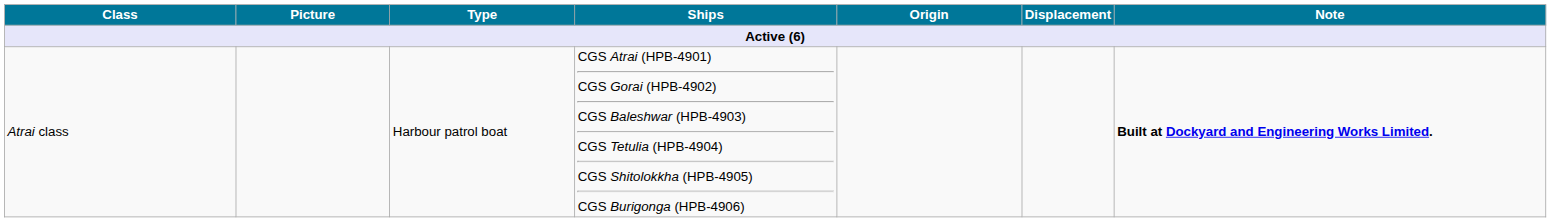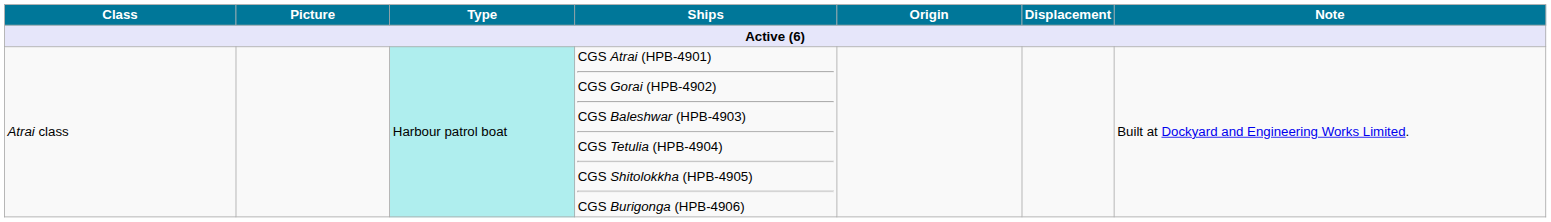 <table class="wikitable">
 <tr>
 <th style="color:#fff; background:#079; width:15%;">Class</th>
 <th style="color:#fff; background:#079; width:10%;">Picture</th>
 <th style="color:#fff; background:#079; width:12%;">Type</th>
 <th style="color:#fff; background:#079; width:17%;">Ships</th>
 <th style="color:#fff; background:#079; width:12%;">Origin</th>
 <th style="color:#fff; background:#079; width:6%;">Displacement</th>
 <th style="color:#fff; background:#079; width:28%;">Note</th>
 </tr>
 <tr>
 <th colspan="7" style="background: lavender;">Active (6)</th>
 </tr>
 <tr>
 <td><em>Atrai</em> class</td>
 <td></td>
-<td>Harbour patrol boat</td>
+<td style="background: paleturquoise;">Harbour patrol boat</td>
 <td>CGS <em>Atrai</em> (HPB-4901)<hr>CGS <em>Gorai</em> (HPB-4902)<hr>CGS <em>Baleshwar</em> (HPB-4903)<hr>CGS <em>Tetulia</em> (HPB-4904)<hr>CGS <em>Shitolokkha</em> (HPB-4905)<hr>CGS <em>Burigonga</em> (HPB-4906)</td>
 <td></td>
 <td></td>
-<td><strong>Built at <a href='#'>Dockyard and Engineering Works Limited</a>.</strong></td>
+<td>Built at <a href='#'>Dockyard and Engineering Works Limited</a>.</td>
 </tr>
 </table>
